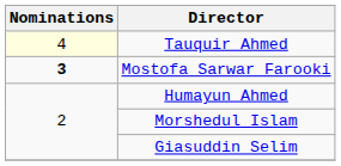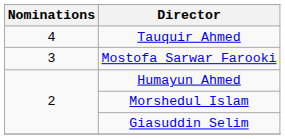 <table class="wikitable" style="text-align:center;">
 <tr>
 <th scope="col" width="55">Nominations</th>
 <th scope="col" align="center">Director</th>
 </tr>
 <tr>
-<td rowspan="1" style="background: lightyellow; text-align:center;">4</td>
+<td rowspan="1" style="text-align:center;">4</td>
 <td><a href='#'>Tauquir Ahmed</a></td>
 </tr>
 <tr>
-<td rowspan="1" style="text-align:center;"><strong>3</strong></td>
+<td rowspan="1" style="text-align:center;">3</td>
 <td><a href='#'>Mostofa Sarwar Farooki</a></td>
 </tr>
 <tr>
 <td rowspan="3" style="text-align:center;">2</td>
 <td><a href='#'>Humayun Ahmed</a></td>
 </tr>
 <tr>
 <td><a href='#'>Morshedul Islam</a></td>
 </tr>
 <tr>
 <td><a href='#'>Giasuddin Selim</a></td>
 </tr>
 <tr>
 </tr>
 </table>
